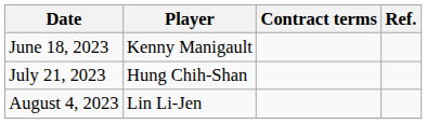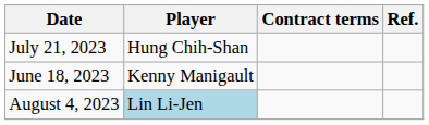 <table class="wikitable">
 <tr>
 <th>Date</th>
 <th>Player</th>
 <th>Contract terms</th>
 <th>Ref.</th>
 </tr>
 <tr>
+<td>July 21, 2023</td>
+<td>Hung Chih-Shan</td>
+<td></td>
+<td></td>
+</tr>
+<tr>
 <td>June 18, 2023</td>
 <td>Kenny Manigault</td>
 <td></td>
 <td></td>
 </tr>
 <tr>
-<td>July 21, 2023</td>
-<td>Hung Chih-Shan</td>
-<td></td>
-<td></td>
-</tr>
-<tr>
 <td>August 4, 2023</td>
-<td>Lin Li-Jen</td>
+<td style="background: lightblue;">Lin Li-Jen</td>
 <td></td>
 <td></td>
 </tr>
 <tr>
 </tr>
 </table>
